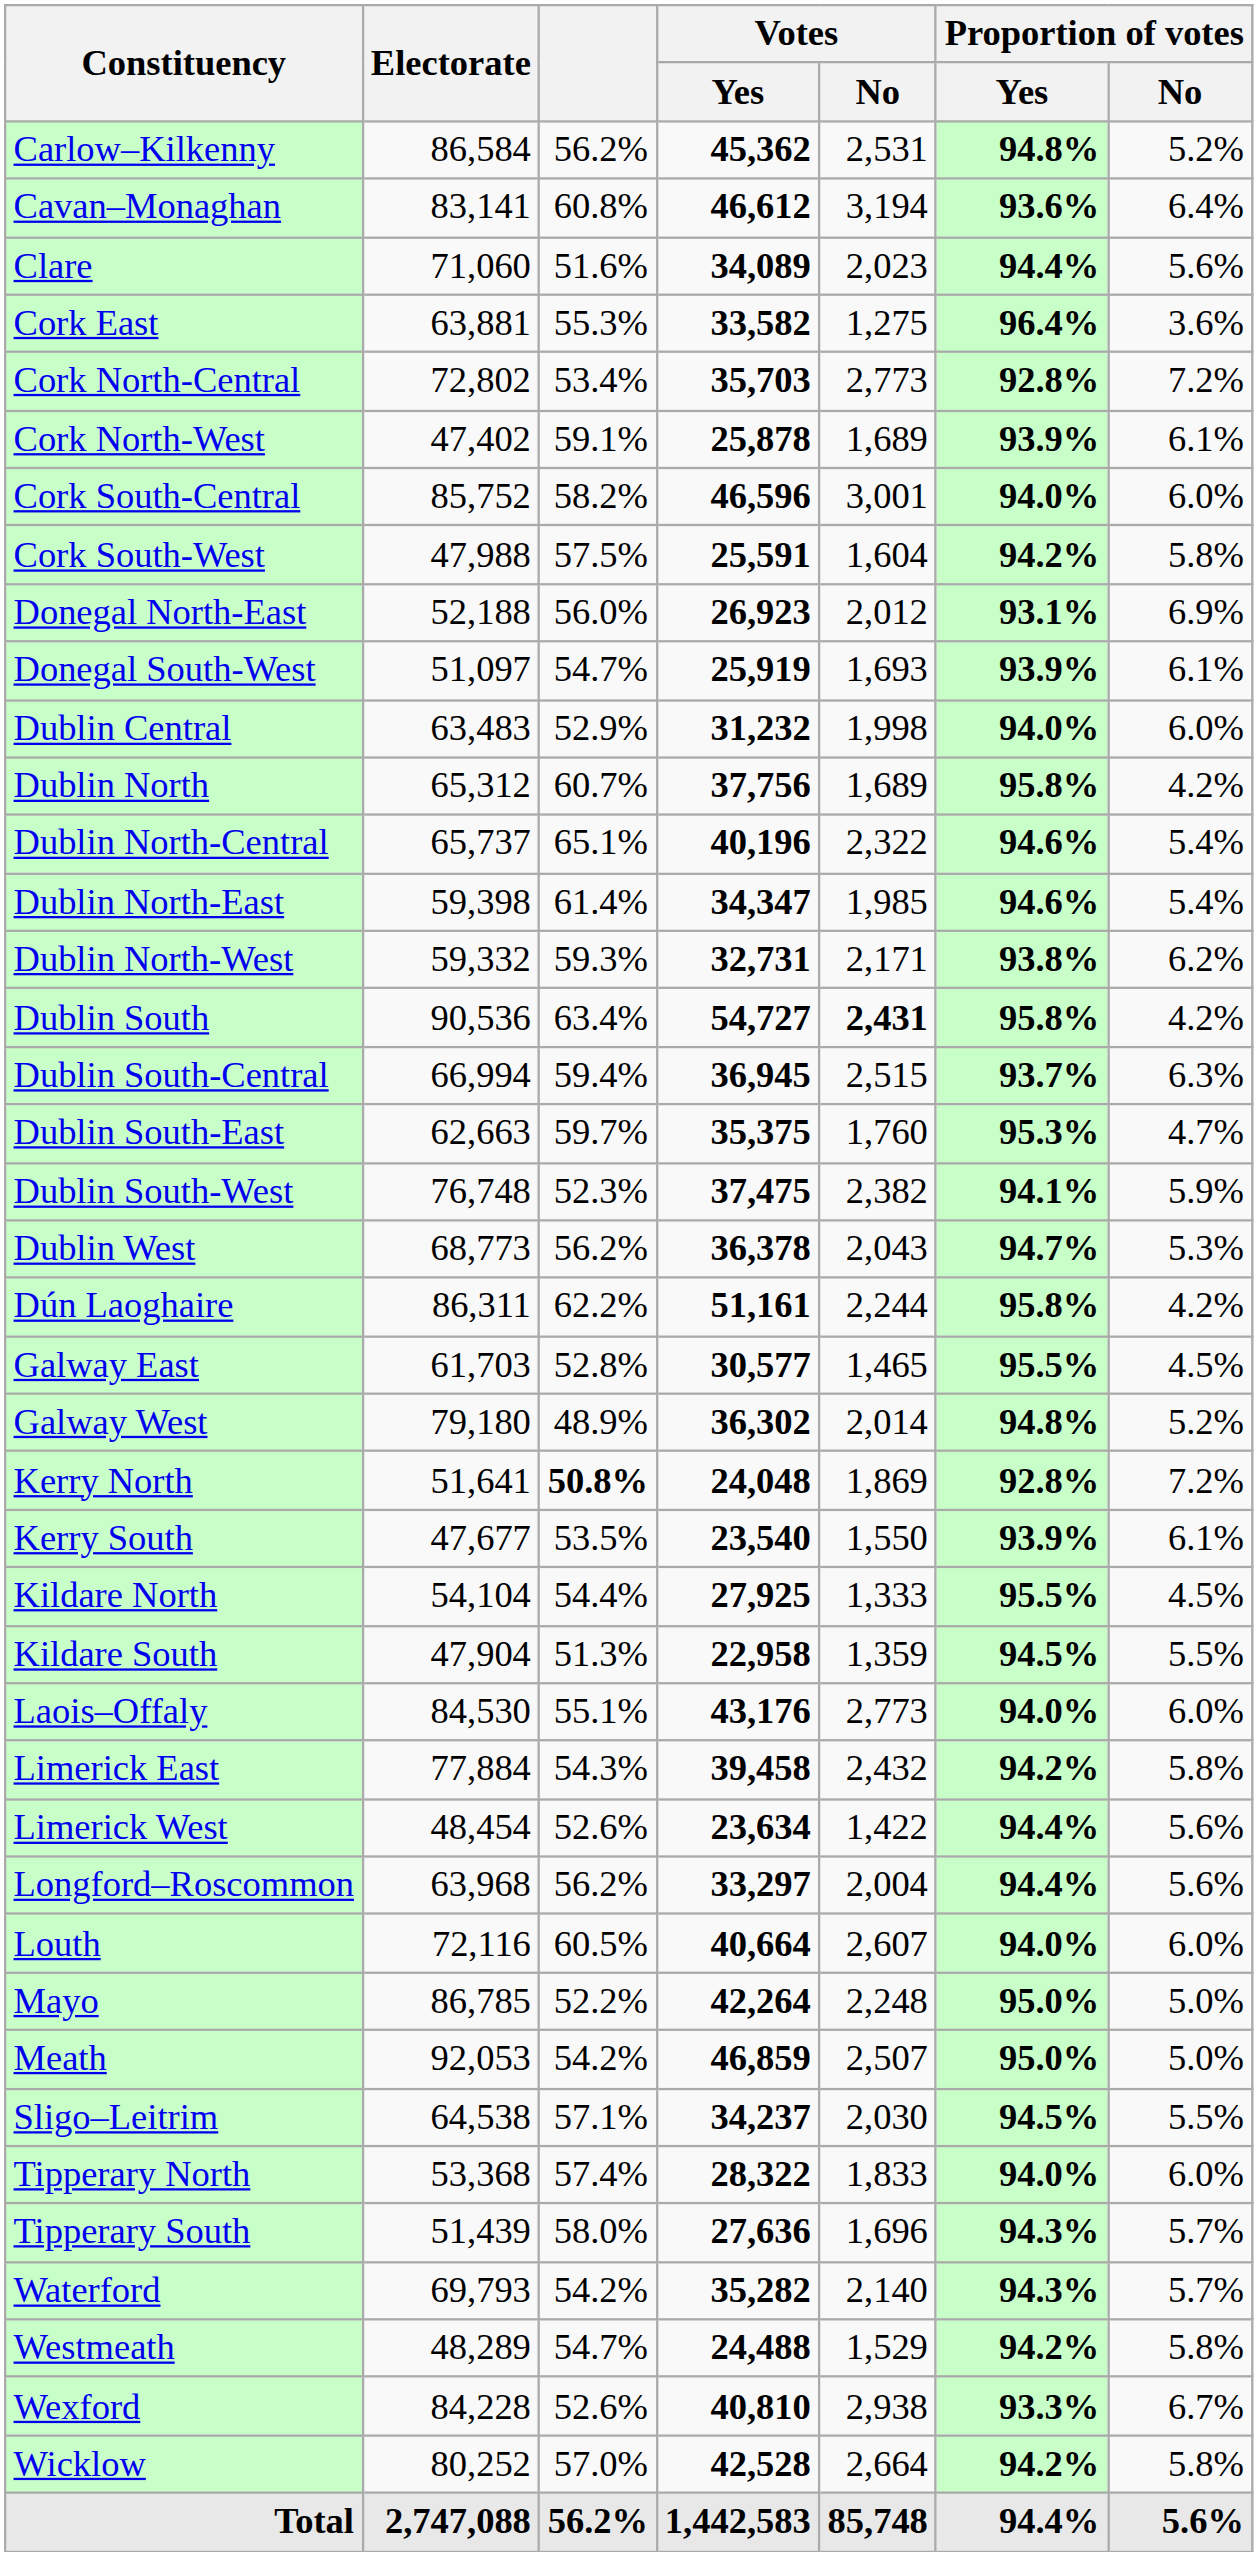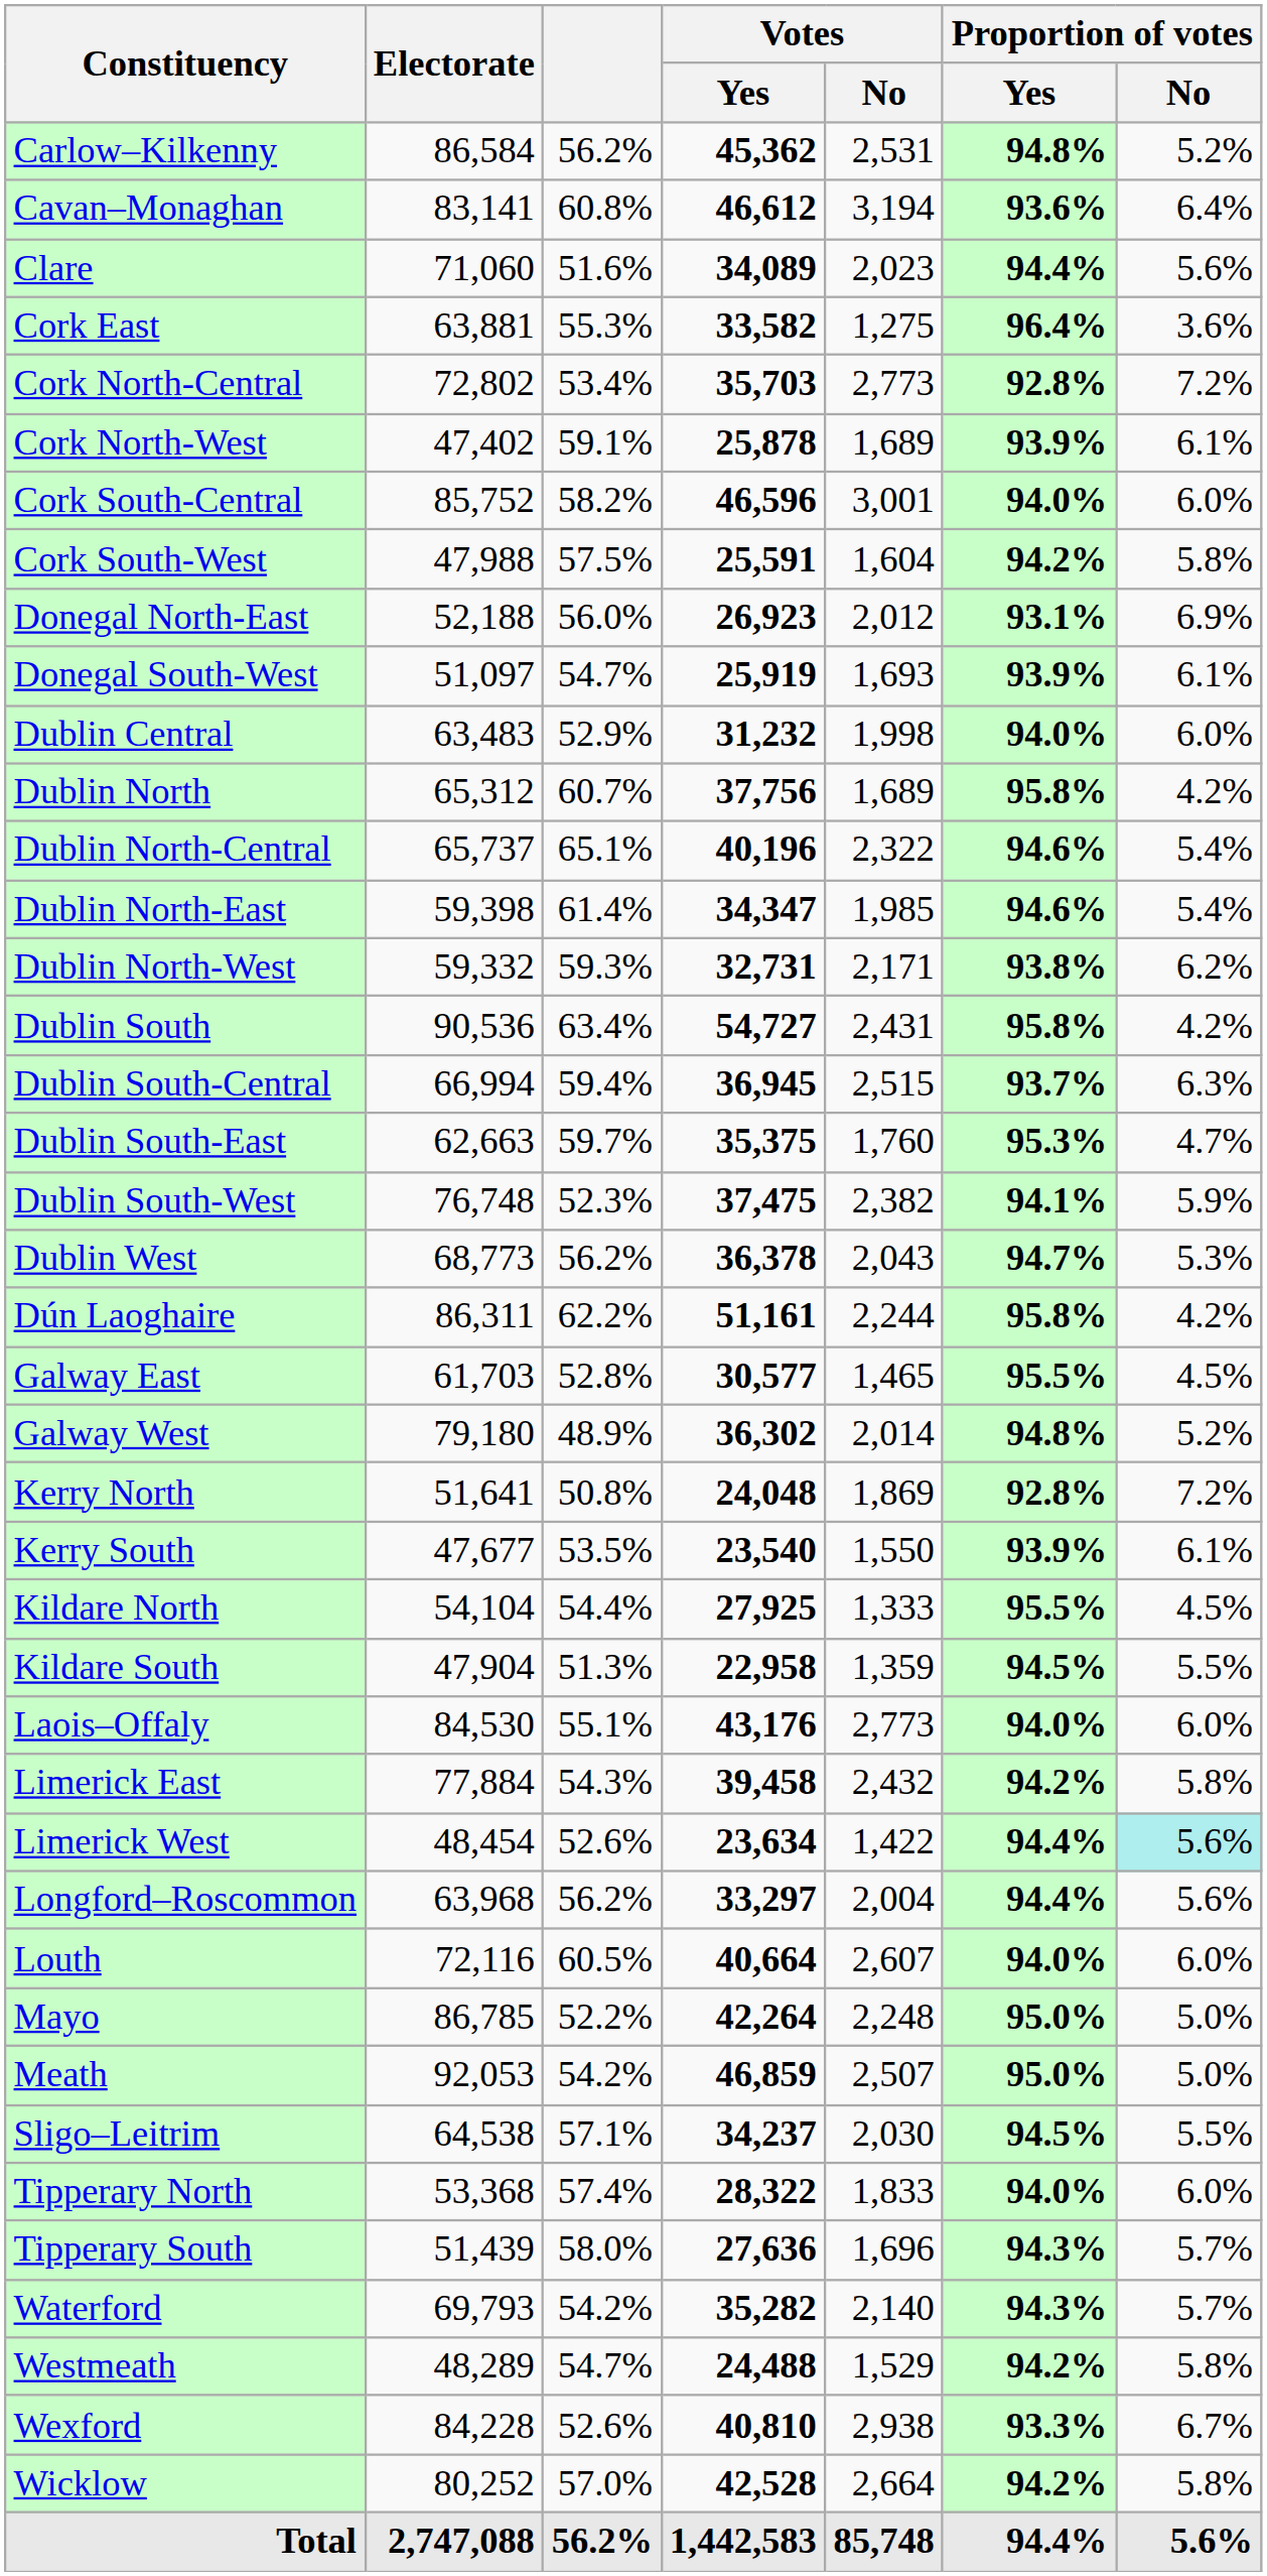 <table class="wikitable sortable" style="text-align: right;">
 <tr>
 <th rowspan=2>Constituency</th>
 <th rowspan=2>Electorate<br></th>
 <th rowspan=2></th>
 <th colspan=2>Votes</th>
 <th colspan=2>Proportion of votes</th>
 </tr>
 <tr>
 <th>Yes</th>
 <th>No</th>
 <th>Yes</th>
 <th>No</th>
 </tr>
 <tr>
 <td style="background:#c8ffc8; text-align: left;"><a href='#'>Carlow–Kilkenny</a></td>
 <td>86,584</td>
 <td>56.2%</td>
 <td><strong>45,362</strong></td>
 <td>2,531</td>
 <td style="background:#c8ffc8;"><strong>94.8%</strong></td>
 <td>5.2%</td>
 </tr>
 <tr>
 <td style="background:#c8ffc8; text-align: left;"><a href='#'>Cavan–Monaghan</a></td>
 <td>83,141</td>
 <td>60.8%</td>
 <td><strong>46,612</strong></td>
 <td>3,194</td>
 <td style="background:#c8ffc8;"><strong>93.6%</strong></td>
 <td>6.4%</td>
 </tr>
 <tr>
 <td style="background:#c8ffc8; text-align: left;"><a href='#'>Clare</a></td>
 <td>71,060</td>
 <td>51.6%</td>
 <td><strong>34,089</strong></td>
 <td>2,023</td>
 <td style="background:#c8ffc8;"><strong>94.4%</strong></td>
 <td>5.6%</td>
 </tr>
 <tr>
 <td style="background:#c8ffc8; text-align: left;"><a href='#'>Cork East</a></td>
 <td>63,881</td>
 <td>55.3%</td>
 <td><strong>33,582</strong></td>
 <td>1,275</td>
 <td style="background:#c8ffc8;"><strong>96.4%</strong></td>
 <td>3.6%</td>
 </tr>
 <tr>
 <td style="background:#c8ffc8; text-align: left;"><a href='#'>Cork North-Central</a></td>
 <td>72,802</td>
 <td>53.4%</td>
 <td><strong>35,703</strong></td>
 <td>2,773</td>
 <td style="background:#c8ffc8;"><strong>92.8%</strong></td>
 <td>7.2%</td>
 </tr>
 <tr>
 <td style="background:#c8ffc8; text-align: left;"><a href='#'>Cork North-West</a></td>
 <td>47,402</td>
 <td>59.1%</td>
 <td><strong>25,878</strong></td>
 <td>1,689</td>
 <td style="background:#c8ffc8;"><strong>93.9%</strong></td>
 <td>6.1%</td>
 </tr>
 <tr>
 <td style="background:#c8ffc8; text-align: left;"><a href='#'>Cork South-Central</a></td>
 <td>85,752</td>
 <td>58.2%</td>
 <td><strong>46,596</strong></td>
 <td>3,001</td>
 <td style="background:#c8ffc8;"><strong>94.0%</strong></td>
 <td>6.0%</td>
 </tr>
 <tr>
 <td style="background:#c8ffc8; text-align: left;"><a href='#'>Cork South-West</a></td>
 <td>47,988</td>
 <td>57.5%</td>
 <td><strong>25,591</strong></td>
 <td>1,604</td>
 <td style="background:#c8ffc8;"><strong>94.2%</strong></td>
 <td>5.8%</td>
 </tr>
 <tr>
 <td style="background:#c8ffc8; text-align: left;"><a href='#'>Donegal North-East</a></td>
 <td>52,188</td>
 <td>56.0%</td>
 <td><strong>26,923</strong></td>
 <td>2,012</td>
 <td style="background:#c8ffc8;"><strong>93.1%</strong></td>
 <td>6.9%</td>
 </tr>
 <tr>
 <td style="background:#c8ffc8; text-align: left;"><a href='#'>Donegal South-West</a></td>
 <td>51,097</td>
 <td>54.7%</td>
 <td><strong>25,919</strong></td>
 <td>1,693</td>
 <td style="background:#c8ffc8;"><strong>93.9%</strong></td>
 <td>6.1%</td>
 </tr>
 <tr>
 <td style="background:#c8ffc8; text-align: left;"><a href='#'>Dublin Central</a></td>
 <td>63,483</td>
 <td>52.9%</td>
 <td><strong>31,232</strong></td>
 <td>1,998</td>
 <td style="background:#c8ffc8;"><strong>94.0%</strong></td>
 <td>6.0%</td>
 </tr>
 <tr>
 <td style="background:#c8ffc8; text-align: left;"><a href='#'>Dublin North</a></td>
 <td>65,312</td>
 <td>60.7%</td>
 <td><strong>37,756</strong></td>
 <td>1,689</td>
 <td style="background:#c8ffc8;"><strong>95.8%</strong></td>
 <td>4.2%</td>
 </tr>
 <tr>
 <td style="background:#c8ffc8; text-align: left;"><a href='#'>Dublin North-Central</a></td>
 <td>65,737</td>
 <td>65.1%</td>
 <td><strong>40,196</strong></td>
 <td>2,322</td>
 <td style="background:#c8ffc8;"><strong>94.6%</strong></td>
 <td>5.4%</td>
 </tr>
 <tr>
 <td style="background:#c8ffc8; text-align: left;"><a href='#'>Dublin North-East</a></td>
 <td>59,398</td>
 <td>61.4%</td>
 <td><strong>34,347</strong></td>
 <td>1,985</td>
 <td style="background:#c8ffc8;"><strong>94.6%</strong></td>
 <td>5.4%</td>
 </tr>
 <tr>
 <td style="background:#c8ffc8; text-align: left;"><a href='#'>Dublin North-West</a></td>
 <td>59,332</td>
 <td>59.3%</td>
 <td><strong>32,731</strong></td>
 <td>2,171</td>
 <td style="background:#c8ffc8;"><strong>93.8%</strong></td>
 <td>6.2%</td>
 </tr>
 <tr>
 <td style="background:#c8ffc8; text-align: left;"><a href='#'>Dublin South</a></td>
 <td>90,536</td>
 <td>63.4%</td>
 <td><strong>54,727</strong></td>
-<td><strong>2,431</strong></td>
+<td>2,431</td>
 <td style="background:#c8ffc8;"><strong>95.8%</strong></td>
 <td>4.2%</td>
 </tr>
 <tr>
 <td style="background:#c8ffc8; text-align: left;"><a href='#'>Dublin South-Central</a></td>
 <td>66,994</td>
 <td>59.4%</td>
 <td><strong>36,945</strong></td>
 <td>2,515</td>
 <td style="background:#c8ffc8;"><strong>93.7%</strong></td>
 <td>6.3%</td>
 </tr>
 <tr>
 <td style="background:#c8ffc8; text-align: left;"><a href='#'>Dublin South-East</a></td>
 <td>62,663</td>
 <td>59.7%</td>
 <td><strong>35,375</strong></td>
 <td>1,760</td>
 <td style="background:#c8ffc8;"><strong>95.3%</strong></td>
 <td>4.7%</td>
 </tr>
 <tr>
 <td style="background:#c8ffc8; text-align: left;"><a href='#'>Dublin South-West</a></td>
 <td>76,748</td>
 <td>52.3%</td>
 <td><strong>37,475</strong></td>
 <td>2,382</td>
 <td style="background:#c8ffc8;"><strong>94.1%</strong></td>
 <td>5.9%</td>
 </tr>
 <tr>
 <td style="background:#c8ffc8; text-align: left;"><a href='#'>Dublin West</a></td>
 <td>68,773</td>
 <td>56.2%</td>
 <td><strong>36,378</strong></td>
 <td>2,043</td>
 <td style="background:#c8ffc8;"><strong>94.7%</strong></td>
 <td>5.3%</td>
 </tr>
 <tr>
 <td style="background:#c8ffc8; text-align: left;"><a href='#'>Dún Laoghaire</a></td>
 <td>86,311</td>
 <td>62.2%</td>
 <td><strong>51,161</strong></td>
 <td>2,244</td>
 <td style="background:#c8ffc8;"><strong>95.8%</strong></td>
 <td>4.2%</td>
 </tr>
 <tr>
 <td style="background:#c8ffc8; text-align: left;"><a href='#'>Galway East</a></td>
 <td>61,703</td>
 <td>52.8%</td>
 <td><strong>30,577</strong></td>
 <td>1,465</td>
 <td style="background:#c8ffc8;"><strong>95.5%</strong></td>
 <td>4.5%</td>
 </tr>
 <tr>
 <td style="background:#c8ffc8; text-align: left;"><a href='#'>Galway West</a></td>
 <td>79,180</td>
 <td>48.9%</td>
 <td><strong>36,302</strong></td>
 <td>2,014</td>
 <td style="background:#c8ffc8;"><strong>94.8%</strong></td>
 <td>5.2%</td>
 </tr>
 <tr>
 <td style="background:#c8ffc8; text-align: left;"><a href='#'>Kerry North</a></td>
 <td>51,641</td>
-<td><strong>50.8%</strong></td>
+<td>50.8%</td>
 <td><strong>24,048</strong></td>
 <td>1,869</td>
 <td style="background:#c8ffc8;"><strong>92.8%</strong></td>
 <td>7.2%</td>
 </tr>
 <tr>
 <td style="background:#c8ffc8; text-align: left;"><a href='#'>Kerry South</a></td>
 <td>47,677</td>
 <td>53.5%</td>
 <td><strong>23,540</strong></td>
 <td>1,550</td>
 <td style="background:#c8ffc8;"><strong>93.9%</strong></td>
 <td>6.1%</td>
 </tr>
 <tr>
 <td style="background:#c8ffc8; text-align: left;"><a href='#'>Kildare North</a></td>
 <td>54,104</td>
 <td>54.4%</td>
 <td><strong>27,925</strong></td>
 <td>1,333</td>
 <td style="background:#c8ffc8;"><strong>95.5%</strong></td>
 <td>4.5%</td>
 </tr>
 <tr>
 <td style="background:#c8ffc8; text-align: left;"><a href='#'>Kildare South</a></td>
 <td>47,904</td>
 <td>51.3%</td>
 <td><strong>22,958</strong></td>
 <td>1,359</td>
 <td style="background:#c8ffc8;"><strong>94.5%</strong></td>
 <td>5.5%</td>
 </tr>
 <tr>
 <td style="background:#c8ffc8; text-align: left;"><a href='#'>Laois–Offaly</a></td>
 <td>84,530</td>
 <td>55.1%</td>
 <td><strong>43,176</strong></td>
 <td>2,773</td>
 <td style="background:#c8ffc8;"><strong>94.0%</strong></td>
 <td>6.0%</td>
 </tr>
 <tr>
 <td style="background:#c8ffc8; text-align: left;"><a href='#'>Limerick East</a></td>
 <td>77,884</td>
 <td>54.3%</td>
 <td><strong>39,458</strong></td>
 <td>2,432</td>
 <td style="background:#c8ffc8;"><strong>94.2%</strong></td>
 <td>5.8%</td>
 </tr>
 <tr>
 <td style="background:#c8ffc8; text-align: left;"><a href='#'>Limerick West</a></td>
 <td>48,454</td>
 <td>52.6%</td>
 <td><strong>23,634</strong></td>
 <td>1,422</td>
 <td style="background:#c8ffc8;"><strong>94.4%</strong></td>
-<td>5.6%</td>
+<td style="background: paleturquoise;">5.6%</td>
 </tr>
 <tr>
 <td style="background:#c8ffc8; text-align: left;"><a href='#'>Longford–Roscommon</a></td>
 <td>63,968</td>
 <td>56.2%</td>
 <td><strong>33,297</strong></td>
 <td>2,004</td>
 <td style="background:#c8ffc8;"><strong>94.4%</strong></td>
 <td>5.6%</td>
 </tr>
 <tr>
 <td style="background:#c8ffc8; text-align: left;"><a href='#'>Louth</a></td>
 <td>72,116</td>
 <td>60.5%</td>
 <td><strong>40,664</strong></td>
 <td>2,607</td>
 <td style="background:#c8ffc8;"><strong>94.0%</strong></td>
 <td>6.0%</td>
 </tr>
 <tr>
 <td style="background:#c8ffc8; text-align: left;"><a href='#'>Mayo</a></td>
 <td>86,785</td>
 <td>52.2%</td>
 <td><strong>42,264</strong></td>
 <td>2,248</td>
 <td style="background:#c8ffc8;"><strong>95.0%</strong></td>
 <td>5.0%</td>
 </tr>
 <tr>
 <td style="background:#c8ffc8; text-align: left;"><a href='#'>Meath</a></td>
 <td>92,053</td>
 <td>54.2%</td>
 <td><strong>46,859</strong></td>
 <td>2,507</td>
 <td style="background:#c8ffc8;"><strong>95.0%</strong></td>
 <td>5.0%</td>
 </tr>
 <tr>
 <td style="background:#c8ffc8; text-align: left;"><a href='#'>Sligo–Leitrim</a></td>
 <td>64,538</td>
 <td>57.1%</td>
 <td><strong>34,237</strong></td>
 <td>2,030</td>
 <td style="background:#c8ffc8;"><strong>94.5%</strong></td>
 <td>5.5%</td>
 </tr>
 <tr>
 <td style="background:#c8ffc8; text-align: left;"><a href='#'>Tipperary North</a></td>
 <td>53,368</td>
 <td>57.4%</td>
 <td><strong>28,322</strong></td>
 <td>1,833</td>
 <td style="background:#c8ffc8;"><strong>94.0%</strong></td>
 <td>6.0%</td>
 </tr>
 <tr>
 <td style="background:#c8ffc8; text-align: left;"><a href='#'>Tipperary South</a></td>
 <td>51,439</td>
 <td>58.0%</td>
 <td><strong>27,636</strong></td>
 <td>1,696</td>
 <td style="background:#c8ffc8;"><strong>94.3%</strong></td>
 <td>5.7%</td>
 </tr>
 <tr>
 <td style="background:#c8ffc8; text-align: left;"><a href='#'>Waterford</a></td>
 <td>69,793</td>
 <td>54.2%</td>
 <td><strong>35,282</strong></td>
 <td>2,140</td>
 <td style="background:#c8ffc8;"><strong>94.3%</strong></td>
 <td>5.7%</td>
 </tr>
 <tr>
 <td style="background:#c8ffc8; text-align: left;"><a href='#'>Westmeath</a></td>
 <td>48,289</td>
 <td>54.7%</td>
 <td><strong>24,488</strong></td>
 <td>1,529</td>
 <td style="background:#c8ffc8;"><strong>94.2%</strong></td>
 <td>5.8%</td>
 </tr>
 <tr>
 <td style="background:#c8ffc8; text-align: left;"><a href='#'>Wexford</a></td>
 <td>84,228</td>
 <td>52.6%</td>
 <td><strong>40,810</strong></td>
 <td>2,938</td>
 <td style="background:#c8ffc8;"><strong>93.3%</strong></td>
 <td>6.7%</td>
 </tr>
 <tr>
 <td style="background:#c8ffc8; text-align: left;"><a href='#'>Wicklow</a></td>
 <td>80,252</td>
 <td>57.0%</td>
 <td><strong>42,528</strong></td>
 <td>2,664</td>
 <td style="background:#c8ffc8;"><strong>94.2%</strong></td>
 <td>5.8%</td>
 </tr>
 <tr class="sortbottom" style="font-weight:bold; background:rgb(232,232,232);">
 <td>Total</td>
 <td>2,747,088</td>
 <td>56.2%</td>
 <td>1,442,583</td>
 <td>85,748</td>
 <td>94.4%</td>
 <td>5.6%</td>
 </tr>
 </table>
